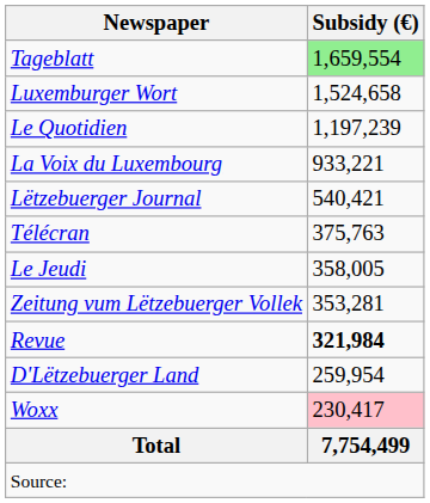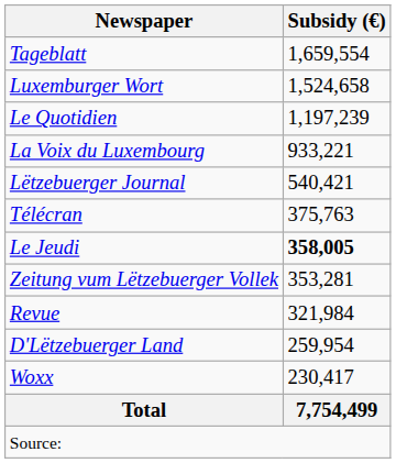 <table class="wikitable">
 <tr>
 <th>Newspaper</th>
 <th>Subsidy (€)</th>
 </tr>
 <tr>
 <td><em><a href='#'>Tageblatt</a></em></td>
-<td style="background: lightgreen;">1,659,554</td>
+<td>1,659,554</td>
 </tr>
 <tr>
 <td><em><a href='#'>Luxemburger Wort</a></em></td>
 <td>1,524,658</td>
 </tr>
 <tr>
 <td><em><a href='#'>Le Quotidien</a></em></td>
 <td>1,197,239</td>
 </tr>
 <tr>
 <td><em><a href='#'>La Voix du Luxembourg</a></em></td>
 <td>933,221</td>
 </tr>
 <tr>
 <td><em><a href='#'>Lëtzebuerger Journal</a></em></td>
 <td>540,421</td>
 </tr>
 <tr>
 <td><em><a href='#'>Télécran</a></em></td>
 <td>375,763</td>
 </tr>
 <tr>
 <td><em><a href='#'>Le Jeudi</a></em></td>
-<td>358,005</td>
+<td><strong>358,005</strong></td>
 </tr>
 <tr>
 <td><em><a href='#'>Zeitung vum Lëtzebuerger Vollek</a></em></td>
 <td>353,281</td>
 </tr>
 <tr>
 <td><em><a href='#'>Revue</a></em></td>
-<td><strong>321,984</strong></td>
+<td>321,984</td>
 </tr>
 <tr>
 <td><em><a href='#'>D'Lëtzebuerger Land</a></em></td>
 <td>259,954</td>
 </tr>
 <tr>
 <td><em><a href='#'>Woxx</a></em></td>
-<td style="background: pink;">230,417</td>
+<td>230,417</td>
 </tr>
 <tr>
 <th>Total</th>
 <th>7,754,499</th>
 </tr>
 <tr>
 <td colspan=2><small>Source: </small></td>
 </tr>
 </table>
